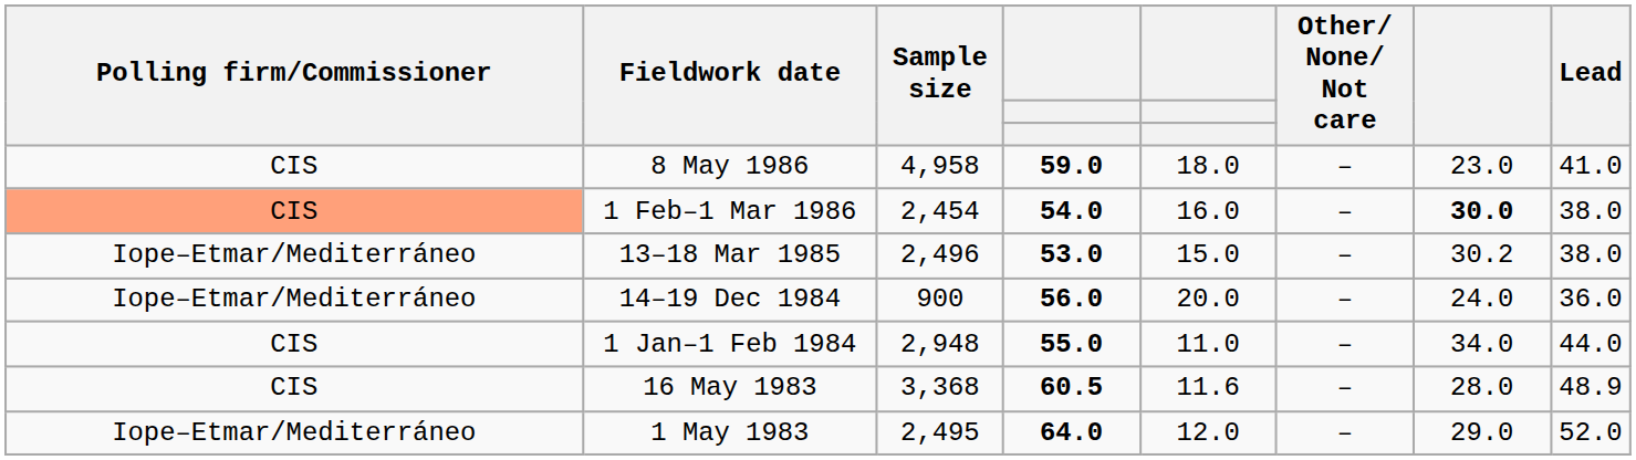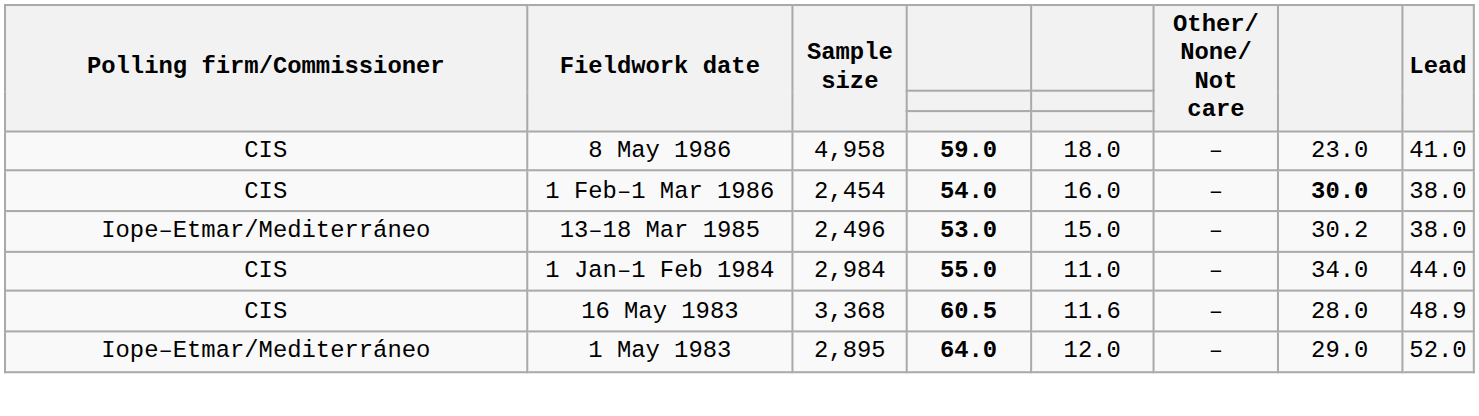 <table class="wikitable collapsible collapsed" style="text-align:center; font-size:90%; line-height:14px;">
 <tr style="height:42px;">
 <th style="width:250px;" rowspan="3">Polling firm/Commissioner</th>
 <th style="width:125px;" rowspan="3">Fieldwork date</th>
 <th style="width:50px;" rowspan="3">Sample size</th>
 <th style="width:55px;"></th>
 <th style="width:55px;"></th>
 <th style="width:55px;" rowspan="3">Other/<br>None/<br>Not<br>care</th>
 <th style="width:55px;" rowspan="3"></th>
 <th style="width:30px;" rowspan="3">Lead</th>
 </tr>
 <tr>
 <th style="color:inherit;background:"></th>
 <th style="color:inherit;background:"></th>
 </tr>
 <tr>
 <th></th>
 <th></th>
 </tr>
 <tr>
 <td>CIS</td>
 <td>8 May 1986</td>
 <td>4,958</td>
 <td><strong>59.0</strong></td>
 <td>18.0</td>
 <td>–</td>
 <td>23.0</td>
 <td style="background:">41.0</td>
 </tr>
 <tr>
-<td style="background: lightsalmon;">CIS</td>
+<td>CIS</td>
 <td>1 Feb–1 Mar 1986</td>
 <td>2,454</td>
 <td><strong>54.0</strong></td>
 <td>16.0</td>
 <td>–</td>
 <td><strong>30.0</strong></td>
 <td style="background:">38.0</td>
 </tr>
 <tr>
 <td>Iope–Etmar/Mediterráneo</td>
 <td>13–18 Mar 1985</td>
 <td>2,496</td>
 <td><strong>53.0</strong></td>
 <td>15.0</td>
 <td>–</td>
 <td>30.2</td>
 <td style="background:">38.0</td>
 </tr>
 <tr>
-<td>Iope–Etmar/Mediterráneo</td>
-<td>14–19 Dec 1984</td>
-<td>900</td>
-<td><strong>56.0</strong></td>
-<td>20.0</td>
-<td>–</td>
-<td>24.0</td>
-<td style="background:">36.0</td>
-</tr>
-<tr>
 <td>CIS</td>
 <td>1 Jan–1 Feb 1984</td>
-<td>2,948</td>
+<td>2,984</td>
 <td><strong>55.0</strong></td>
 <td>11.0</td>
 <td>–</td>
 <td>34.0</td>
 <td style="background:">44.0</td>
 </tr>
 <tr>
 <td>CIS</td>
 <td>16 May 1983</td>
 <td>3,368</td>
 <td><strong>60.5</strong></td>
 <td>11.6</td>
 <td>–</td>
 <td>28.0</td>
 <td style="background:">48.9</td>
 </tr>
 <tr>
 <td>Iope–Etmar/Mediterráneo</td>
 <td>1 May 1983</td>
-<td>2,495</td>
+<td>2,895</td>
 <td><strong>64.0</strong></td>
 <td>12.0</td>
 <td>–</td>
 <td>29.0</td>
 <td style="background:">52.0</td>
 </tr>
 </table>
